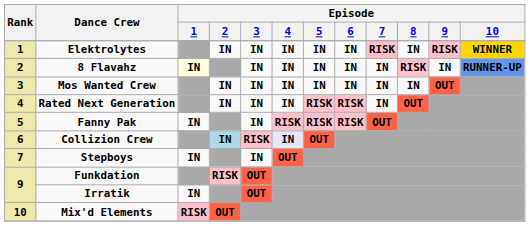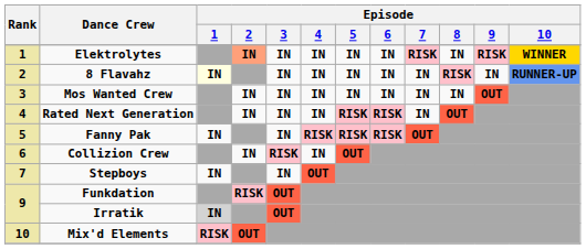 <table class="wikitable" style="text-align:center; font-size:85%">
 <tr>
 <th rowspan=2>Rank</th>
 <th rowspan=2>Dance Crew</th>
 <th colspan="18" style="text-align:center;">Episode</th>
 </tr>
 <tr>
 <th><a href='#'>1</a></th>
 <th><a href='#'>2</a></th>
 <th><a href='#'>3</a></th>
 <th><a href='#'>4</a></th>
 <th><a href='#'>5</a></th>
 <th><a href='#'>6</a></th>
 <th><a href='#'>7</a></th>
 <th><a href='#'>8</a></th>
 <th><a href='#'>9</a></th>
 <th><a href='#'>10</a></th>
 </tr>
 <tr>
 </tr>
 <tr>
 <td bgcolor="palegoldenrod"><strong>1</strong></td>
 <td><strong>Elektrolytes</strong></td>
 <td style="background:darkgrey;"></td>
-<td><strong>IN</strong></td>
+<td style="background: lightsalmon;"><strong>IN</strong></td>
 <td><strong>IN</strong></td>
 <td><strong>IN</strong></td>
 <td><strong>IN</strong></td>
 <td><strong>IN</strong></td>
 <td style="background:pink;"><strong>RISK</strong></td>
 <td><strong>IN</strong></td>
 <td style="background:pink;"><strong>RISK</strong></td>
 <td style="background:gold;"><strong>WINNER</strong></td>
 </tr>
 <tr>
 <td bgcolor="palegoldenrod"><strong>2</strong></td>
 <td><strong>8 Flavahz</strong></td>
 <td style="background: lightyellow;"><strong>IN</strong></td>
 <td style="background:darkgrey;"></td>
 <td><strong>IN</strong></td>
 <td><strong>IN</strong></td>
 <td><strong>IN</strong></td>
 <td><strong>IN</strong></td>
 <td><strong>IN</strong></td>
 <td style="background:pink;"><strong>RISK</strong></td>
 <td><strong>IN</strong></td>
 <td style="background:cornflowerblue;"><strong>RUNNER-UP</strong></td>
 </tr>
 <tr>
 <td bgcolor="palegoldenrod"><strong>3</strong></td>
 <td><strong>Mos Wanted Crew</strong></td>
 <td style="background:darkgrey;"></td>
 <td><strong>IN</strong></td>
 <td><strong>IN</strong></td>
 <td><strong>IN</strong></td>
 <td><strong>IN</strong></td>
 <td><strong>IN</strong></td>
 <td><strong>IN</strong></td>
 <td><strong>IN</strong></td>
 <td style="background:tomato;"><strong>OUT</strong></td>
 <td style="background:darkgrey;"></td>
 </tr>
 <tr>
 <td bgcolor="palegoldenrod"><strong>4</strong></td>
 <td><strong>Rated Next Generation</strong></td>
 <td style="background:darkgrey;"></td>
 <td><strong>IN</strong></td>
 <td><strong>IN</strong></td>
 <td><strong>IN</strong></td>
 <td style="background:pink;"><strong>RISK</strong></td>
 <td style="background:pink;"><strong>RISK</strong></td>
 <td><strong>IN</strong></td>
 <td style="background:tomato;"><strong>OUT</strong></td>
 <td style="background:darkgrey;" colspan="2"></td>
 </tr>
 <tr>
 <td bgcolor="palegoldenrod"><strong>5</strong></td>
 <td><strong>Fanny Pak</strong></td>
 <td><strong>IN</strong></td>
 <td style="background:darkgrey;"></td>
 <td><strong>IN</strong></td>
 <td style="background:pink;"><strong>RISK</strong></td>
 <td style="background:pink;"><strong>RISK</strong></td>
 <td style="background:pink;"><strong>RISK</strong></td>
 <td style="background:tomato;"><strong>OUT</strong></td>
 <td style="background:darkgrey;" colspan="3"></td>
 </tr>
 <tr>
 <td bgcolor="palegoldenrod"><strong>6</strong></td>
 <td><strong>Collizion Crew</strong></td>
 <td style="background:darkgrey;"></td>
-<td style="background: lightblue;"><strong>IN</strong></td>
+<td><strong>IN</strong></td>
 <td style="background:pink;"><strong>RISK</strong></td>
-<td style="background: lavender;"><strong>IN</strong></td>
+<td><strong>IN</strong></td>
 <td style="background:tomato;"><strong>OUT</strong></td>
 <td style="background:darkgrey;" colspan="5"></td>
 </tr>
 <tr>
 <td bgcolor="palegoldenrod"><strong>7</strong></td>
 <td><strong>Stepboys</strong></td>
 <td><strong>IN</strong></td>
 <td style="background:darkgrey;"></td>
 <td><strong>IN</strong></td>
 <td style="background:tomato;"><strong>OUT</strong></td>
 <td style="background:darkgrey;" colspan="6"></td>
 </tr>
 <tr>
 <td bgcolor="palegoldenrod" rowspan="2"><strong>9</strong></td>
 <td><strong>Funkdation</strong></td>
 <td style="background:darkgrey;"></td>
 <td style="background:pink;"><strong>RISK</strong></td>
 <td style="background:tomato;"><strong>OUT</strong></td>
 <td style="background:darkgrey;" colspan="7"></td>
 </tr>
 <tr>
 <td><strong>Irratik</strong></td>
-<td><strong>IN</strong></td>
+<td style="background: lightgrey;"><strong>IN</strong></td>
 <td style="background:darkgrey;"></td>
 <td style="background:tomato;"><strong>OUT</strong></td>
 <td style="background:darkgrey;" colspan="7"></td>
 </tr>
 <tr>
 <td bgcolor="palegoldenrod"><strong>10</strong></td>
 <td><strong>Mix'd Elements</strong></td>
 <td style="background:pink;"><strong>RISK</strong></td>
 <td style="background:tomato;"><strong>OUT</strong></td>
 <td style="background:darkgrey;" colspan="8"></td>
 </tr>
 <tr>
 </tr>
 </table>
